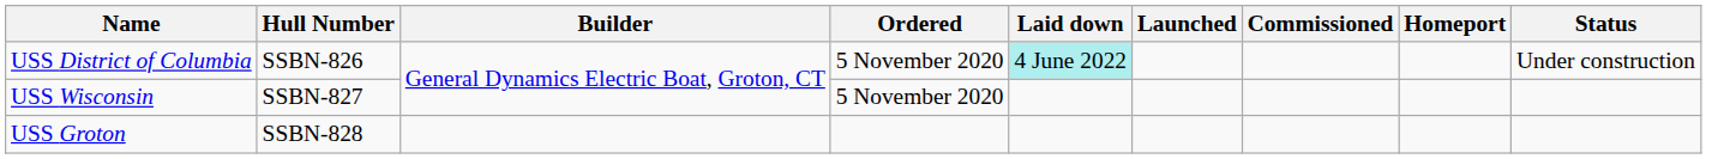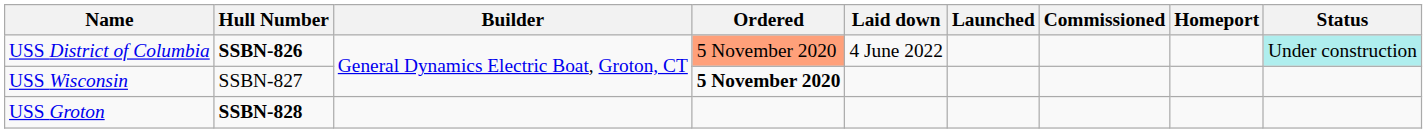 <table class="wikitable">
 <tr>
 <th>Name</th>
 <th>Hull Number</th>
 <th>Builder</th>
 <th>Ordered</th>
 <th>Laid down</th>
 <th>Launched</th>
 <th>Commissioned</th>
 <th>Homeport</th>
 <th>Status</th>
 </tr>
 <tr>
 <td><a href='#'>USS <em>District of Columbia</em></a></td>
-<td>SSBN-826</td>
+<td><strong>SSBN-826</strong></td>
 <td rowspan=2><a href='#'>General Dynamics Electric Boat</a>, <a href='#'>Groton, CT</a></td>
-<td>5 November 2020</td>
-<td style="background: paleturquoise;">4 June 2022</td>
+<td style="background: lightsalmon;">5 November 2020</td>
+<td>4 June 2022</td>
 <td></td>
 <td></td>
 <td></td>
-<td>Under construction</td>
+<td style="background: paleturquoise;">Under construction</td>
 </tr>
 <tr>
 <td><a href='#'>USS <em>Wisconsin</em></a></td>
 <td>SSBN-827</td>
-<td>5 November 2020</td>
+<td><strong>5 November 2020</strong></td>
 <td></td>
 <td></td>
 <td></td>
 <td></td>
 <td></td>
 </tr>
 <tr>
 <td><a href='#'>USS <em>Groton</em></a></td>
-<td>SSBN-828</td>
+<td><strong>SSBN-828</strong></td>
 <td></td>
 <td></td>
 <td></td>
 <td></td>
 <td></td>
 <td></td>
 <td></td>
 </tr>
 </table>
